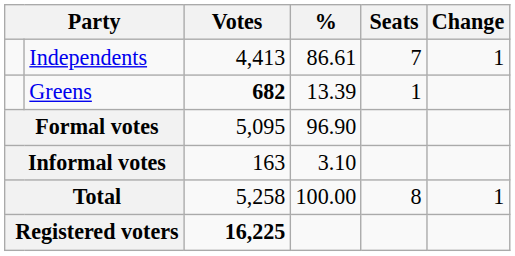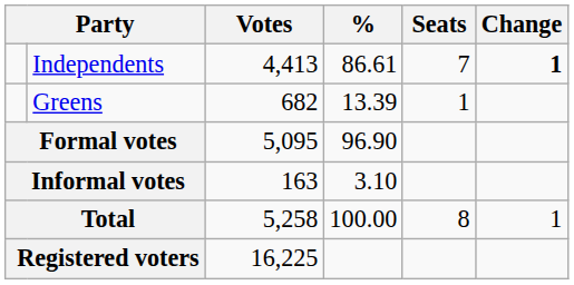 <table class="wikitable" style="text-align:right; margin-bottom:0">
 <tr>
 <th style="width:10px" colspan=3>Party</th>
 <th style="width:70px;">Votes</th>
 <th style="width:40px;">%</th>
 <th style="width:40px;">Seats</th>
 <th style="width:40px;">Change</th>
 </tr>
 <tr>
 <td> </td>
 <td style="text-align:left;" colspan="2"><a href='#'>Independents</a></td>
 <td>4,413</td>
 <td>86.61</td>
 <td>7</td>
-<td>1</td>
+<td><strong>1</strong></td>
 </tr>
 <tr>
 <td> </td>
 <td style="text-align:left;" colspan="2"><a href='#'>Greens</a></td>
-<td><strong>682</strong></td>
+<td>682</td>
 <td>13.39</td>
 <td>1</td>
 <td></td>
 </tr>
 <tr>
 <th colspan="3" rowspan="1"> Formal votes</th>
 <td>5,095</td>
 <td>96.90</td>
 <td></td>
 <td></td>
 </tr>
 <tr>
 <th colspan="3" rowspan="1"> Informal votes</th>
 <td>163</td>
 <td>3.10</td>
 <td></td>
 <td></td>
 </tr>
 <tr>
 <th colspan="3" rowspan="1"> Total</th>
 <td>5,258</td>
 <td>100.00</td>
 <td>8</td>
 <td>1</td>
 </tr>
 <tr>
 <th colspan="3" rowspan="1"> Registered voters</th>
-<td><strong>16,225</strong></td>
+<td>16,225</td>
 <td></td>
 <td></td>
 <td></td>
 </tr>
 </table>
